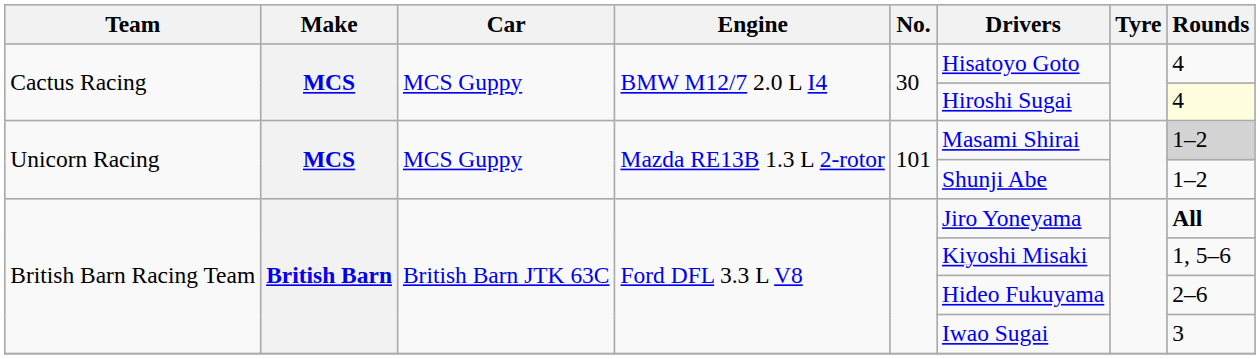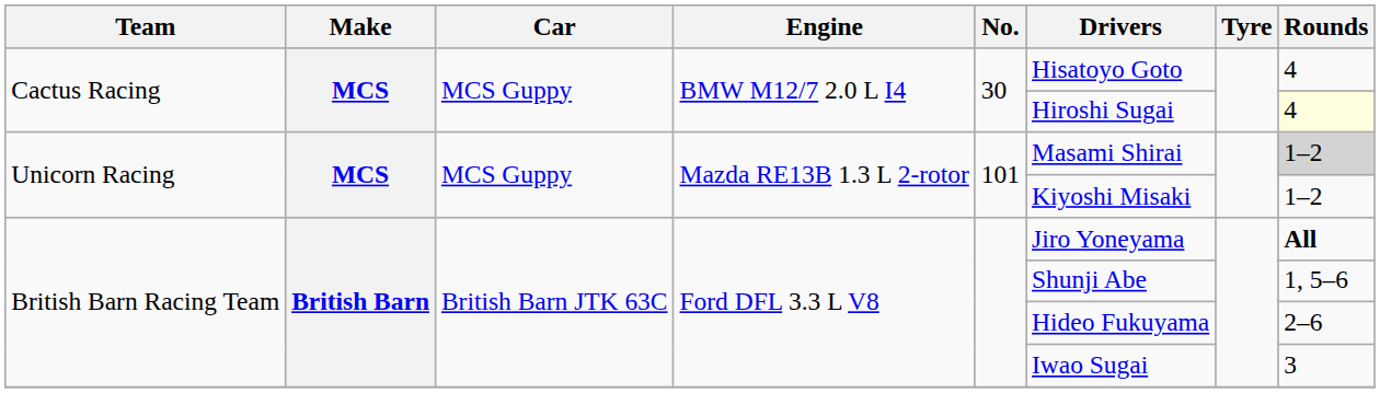 <table class="wikitable" style="font-size: 90%;">
 <tr>
 <th>Team</th>
 <th>Make</th>
 <th>Car</th>
 <th>Engine</th>
 <th>No.</th>
 <th>Drivers</th>
 <th>Tyre</th>
 <th>Rounds</th>
 </tr>
 <tr>
 <td rowspan=2>Cactus Racing</td>
 <th rowspan=2><a href='#'>MCS</a></th>
 <td rowspan=2><a href='#'>MCS Guppy</a></td>
 <td rowspan=2><a href='#'>BMW M12/7</a> 2.0 L <a href='#'>I4</a></td>
 <td rowspan=2>30</td>
 <td> <a href='#'>Hisatoyo Goto</a></td>
 <td align=center rowspan=2></td>
 <td>4</td>
 </tr>
 <tr>
 <td> <a href='#'>Hiroshi Sugai</a></td>
 <td style="background: lightyellow;">4</td>
 </tr>
 <tr>
 <td rowspan=2>Unicorn Racing</td>
 <th rowspan=2><a href='#'>MCS</a></th>
 <td rowspan=2><a href='#'>MCS Guppy</a></td>
 <td rowspan=2><a href='#'>Mazda RE13B</a> 1.3 L <a href='#'>2-rotor</a></td>
 <td rowspan=2>101</td>
 <td> <a href='#'>Masami Shirai</a></td>
 <td align=center rowspan=2></td>
 <td style="background: lightgrey;">1–2</td>
 </tr>
 <tr>
-<td> <a href='#'>Shunji Abe</a></td>
+<td> <a href='#'>Kiyoshi Misaki</a></td>
 <td>1–2</td>
 </tr>
 <tr>
 <td rowspan=4>British Barn Racing Team</td>
 <th rowspan=4><a href='#'>British Barn</a></th>
 <td rowspan=4><a href='#'>British Barn JTK 63C</a></td>
 <td rowspan=4><a href='#'>Ford DFL</a> 3.3 L <a href='#'>V8</a></td>
 <td rowspan=4></td>
 <td> <a href='#'>Jiro Yoneyama</a></td>
 <td align=center rowspan=4></td>
 <td><strong>All</strong></td>
 </tr>
 <tr>
-<td> <a href='#'>Kiyoshi Misaki</a></td>
+<td> <a href='#'>Shunji Abe</a></td>
 <td>1, 5–6</td>
 </tr>
 <tr>
 <td> <a href='#'>Hideo Fukuyama</a></td>
 <td>2–6</td>
 </tr>
 <tr>
 <td> <a href='#'>Iwao Sugai</a></td>
 <td>3</td>
 </tr>
 <tr>
 </tr>
 </table>
